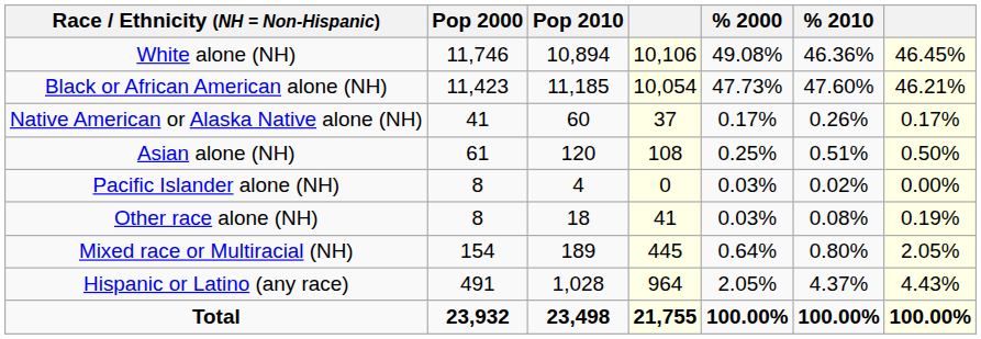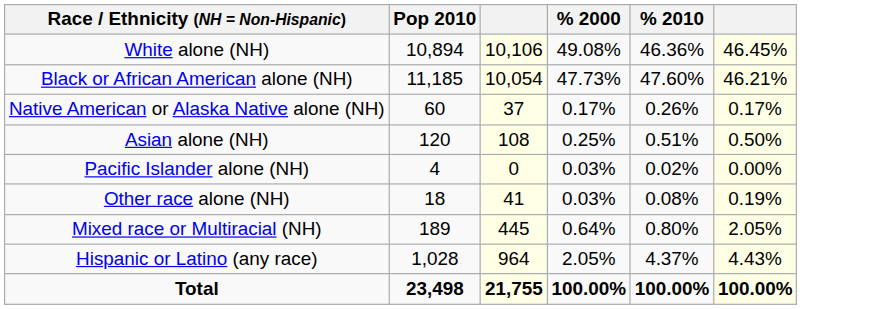 <table class="wikitable" style="text-align:center;">
 <tr>
 <th>Race / Ethnicity <small>(<em>NH = Non-Hispanic</em>)</small></th>
-<th>Pop 2000</th>
 <th>Pop 2010</th>
 <th></th>
 <th>% 2000</th>
 <th>% 2010</th>
 <th></th>
 </tr>
 <tr>
 <td><a href='#'>White</a> alone (NH)</td>
-<td>11,746</td>
 <td>10,894</td>
 <td style='background: #ffffe6;'>10,106</td>
 <td>49.08%</td>
 <td>46.36%</td>
 <td style='background: #ffffe6;'>46.45%</td>
 </tr>
 <tr>
 <td><a href='#'>Black or African American</a> alone (NH)</td>
-<td>11,423</td>
 <td>11,185</td>
 <td style='background: #ffffe6;'>10,054</td>
 <td>47.73%</td>
 <td>47.60%</td>
 <td style='background: #ffffe6;'>46.21%</td>
 </tr>
 <tr>
 <td><a href='#'>Native American</a> or <a href='#'>Alaska Native</a> alone (NH)</td>
-<td>41</td>
 <td>60</td>
 <td style='background: #ffffe6;'>37</td>
 <td>0.17%</td>
 <td>0.26%</td>
 <td style='background: #ffffe6;'>0.17%</td>
 </tr>
 <tr>
 <td><a href='#'>Asian</a> alone (NH)</td>
-<td>61</td>
 <td>120</td>
 <td style='background: #ffffe6;'>108</td>
 <td>0.25%</td>
 <td>0.51%</td>
 <td style='background: #ffffe6;'>0.50%</td>
 </tr>
 <tr>
 <td><a href='#'>Pacific Islander</a> alone (NH)</td>
-<td>8</td>
 <td>4</td>
 <td style='background: #ffffe6;'>0</td>
 <td>0.03%</td>
 <td>0.02%</td>
 <td style='background: #ffffe6;'>0.00%</td>
 </tr>
 <tr>
 <td><a href='#'>Other race</a> alone (NH)</td>
-<td>8</td>
 <td>18</td>
 <td style='background: #ffffe6;'>41</td>
 <td>0.03%</td>
 <td>0.08%</td>
 <td style='background: #ffffe6;'>0.19%</td>
 </tr>
 <tr>
 <td><a href='#'>Mixed race or Multiracial</a> (NH)</td>
-<td>154</td>
 <td>189</td>
 <td style='background: #ffffe6;'>445</td>
 <td>0.64%</td>
 <td>0.80%</td>
 <td style='background: #ffffe6;'>2.05%</td>
 </tr>
 <tr>
 <td><a href='#'>Hispanic or Latino</a> (any race)</td>
-<td>491</td>
 <td>1,028</td>
 <td style='background: #ffffe6;'>964</td>
 <td>2.05%</td>
 <td>4.37%</td>
 <td style='background: #ffffe6;'>4.43%</td>
 </tr>
 <tr>
 <td><strong>Total</strong></td>
-<td><strong>23,932</strong></td>
 <td><strong>23,498</strong></td>
 <td style='background: #ffffe6;'><strong>21,755</strong></td>
 <td><strong>100.00%</strong></td>
 <td><strong>100.00%</strong></td>
 <td style='background: #ffffe6;'><strong>100.00%</strong></td>
 </tr>
 </table>
